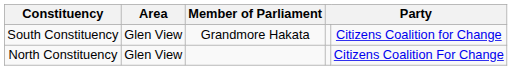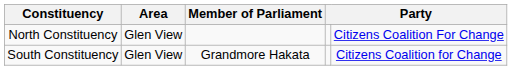 <table class="wikitable sortable" style="text-align:center">
 <tr>
 <th>Constituency</th>
 <th>Area</th>
 <th>Member of Parliament</th>
 <th colspan="2">Party</th>
 </tr>
 <tr>
+<td>North Constituency</td>
+<td>Glen View</td>
+<td></td>
+<td style="background-color: "></td>
+<td><a href='#'>Citizens Coalition For Change</a></td>
+</tr>
+<tr>
 <td>South Constituency</td>
 <td>Glen View</td>
 <td>Grandmore Hakata</td>
 <td style="background-color: "></td>
 <td><a href='#'>Citizens Coalition for Change</a></td>
 </tr>
-<tr>
-<td>North Constituency</td>
-<td>Glen View</td>
-<td></td>
-<td style="background-color: "></td>
-<td><a href='#'>Citizens Coalition For Change</a></td>
-</tr>
 </table>
